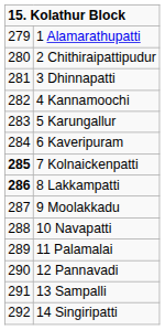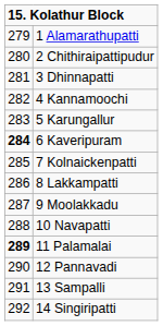 <table class="wikitable">
 <tr>
 <td colspan="2"><strong>15. Kolathur Block</strong></td>
 </tr>
 <tr>
 <td>279</td>
 <td>1 <a href='#'>Alamarathupatti</a></td>
 </tr>
 <tr>
 <td>280</td>
 <td>2 Chithiraipattipudur</td>
 </tr>
 <tr>
 <td>281</td>
 <td>3 Dhinnapatti</td>
 </tr>
 <tr>
 <td>282</td>
 <td>4 Kannamoochi</td>
 </tr>
 <tr>
 <td>283</td>
 <td>5 Karungallur</td>
 </tr>
 <tr>
-<td>284</td>
+<td><strong>284</strong></td>
 <td>6 Kaveripuram</td>
 </tr>
 <tr>
-<td><strong>285</strong></td>
+<td>285</td>
 <td>7 Kolnaickenpatti</td>
 </tr>
 <tr>
-<td><strong>286</strong></td>
+<td>286</td>
 <td>8 Lakkampatti</td>
 </tr>
 <tr>
 <td>287</td>
 <td>9 Moolakkadu</td>
 </tr>
 <tr>
 <td>288</td>
 <td>10 Navapatti</td>
 </tr>
 <tr>
-<td>289</td>
+<td><strong>289</strong></td>
 <td>11 Palamalai</td>
 </tr>
 <tr>
 <td>290</td>
 <td>12 Pannavadi</td>
 </tr>
 <tr>
 <td>291</td>
 <td>13 Sampalli</td>
 </tr>
 <tr>
 <td>292</td>
 <td>14 Singiripatti</td>
 </tr>
 </table>
